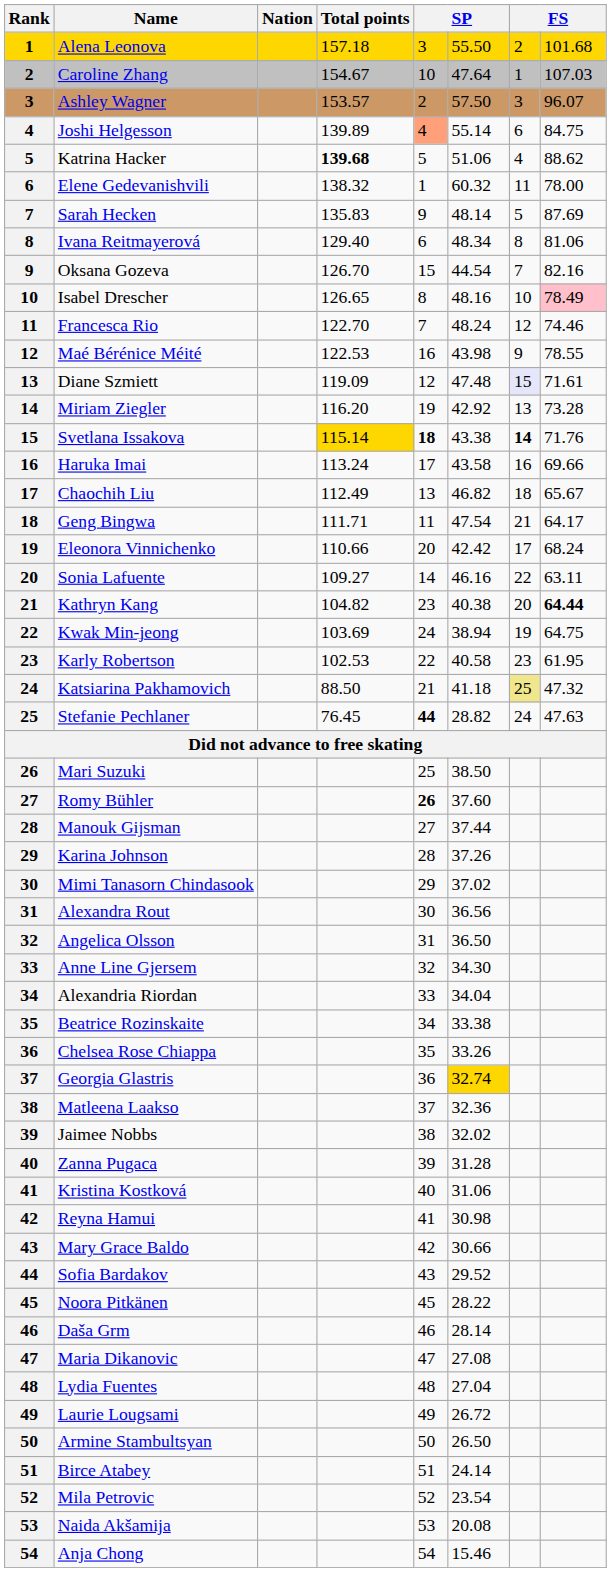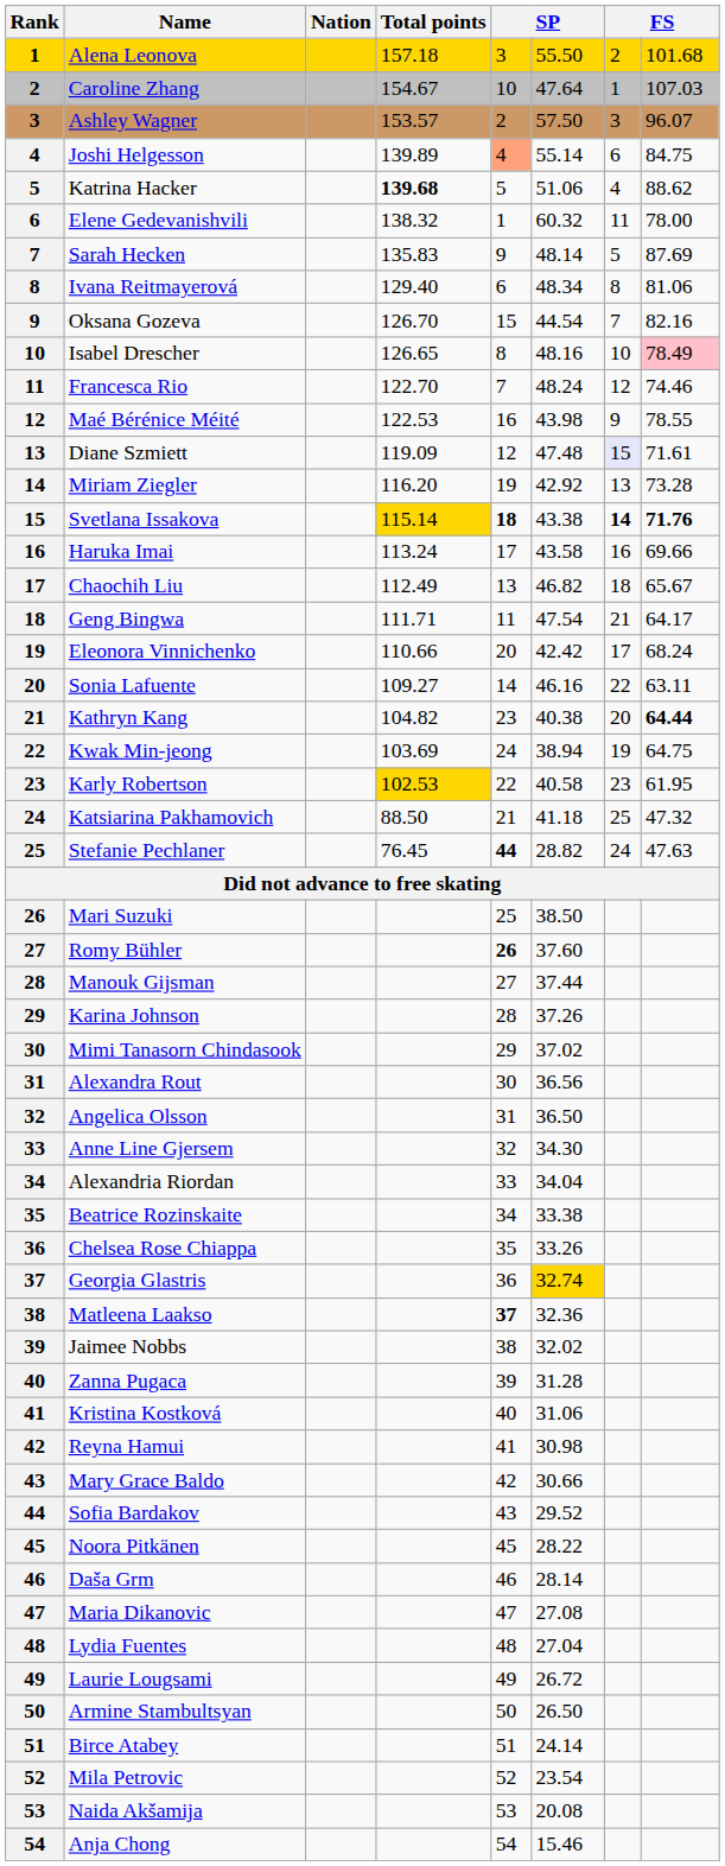 <table class="wikitable">
 <tr>
 <th>Rank</th>
 <th>Name</th>
 <th>Nation</th>
 <th>Total points</th>
 <th colspan="2" width="80px"><a href='#'>SP</a></th>
 <th colspan="2" width="80px"><a href='#'>FS</a></th>
 </tr>
 <tr bgcolor=gold>
 <td align=center><strong>1</strong></td>
 <td><a href='#'>Alena Leonova</a></td>
 <td></td>
 <td>157.18</td>
 <td>3</td>
 <td>55.50</td>
 <td>2</td>
 <td>101.68</td>
 </tr>
 <tr bgcolor=silver>
 <td align=center><strong>2</strong></td>
 <td><a href='#'>Caroline Zhang</a></td>
 <td></td>
 <td>154.67</td>
 <td>10</td>
 <td>47.64</td>
 <td>1</td>
 <td>107.03</td>
 </tr>
 <tr bgcolor=cc9966>
 <td align=center><strong>3</strong></td>
 <td><a href='#'>Ashley Wagner</a></td>
 <td></td>
 <td>153.57</td>
 <td>2</td>
 <td>57.50</td>
 <td>3</td>
 <td>96.07</td>
 </tr>
 <tr>
 <th>4</th>
 <td><a href='#'>Joshi Helgesson</a></td>
 <td></td>
 <td>139.89</td>
 <td style="background: lightsalmon;">4</td>
 <td>55.14</td>
 <td>6</td>
 <td>84.75</td>
 </tr>
 <tr>
 <th>5</th>
 <td>Katrina Hacker</td>
 <td></td>
 <td><strong>139.68</strong></td>
 <td>5</td>
 <td>51.06</td>
 <td>4</td>
 <td>88.62</td>
 </tr>
 <tr>
 <th>6</th>
 <td><a href='#'>Elene Gedevanishvili</a></td>
 <td></td>
 <td>138.32</td>
 <td>1</td>
 <td>60.32</td>
 <td>11</td>
 <td>78.00</td>
 </tr>
 <tr>
 <th>7</th>
 <td><a href='#'>Sarah Hecken</a></td>
 <td></td>
 <td>135.83</td>
 <td>9</td>
 <td>48.14</td>
 <td>5</td>
 <td>87.69</td>
 </tr>
 <tr>
 <th>8</th>
 <td><a href='#'>Ivana Reitmayerová</a></td>
 <td></td>
 <td>129.40</td>
 <td>6</td>
 <td>48.34</td>
 <td>8</td>
 <td>81.06</td>
 </tr>
 <tr>
 <th>9</th>
 <td>Oksana Gozeva</td>
 <td></td>
 <td>126.70</td>
 <td>15</td>
 <td>44.54</td>
 <td>7</td>
 <td>82.16</td>
 </tr>
 <tr>
 <th>10</th>
 <td>Isabel Drescher</td>
 <td></td>
 <td>126.65</td>
 <td>8</td>
 <td>48.16</td>
 <td>10</td>
 <td style="background: pink;">78.49</td>
 </tr>
 <tr>
 <th>11</th>
 <td><a href='#'>Francesca Rio</a></td>
 <td></td>
 <td>122.70</td>
 <td>7</td>
 <td>48.24</td>
 <td>12</td>
 <td>74.46</td>
 </tr>
 <tr>
 <th>12</th>
 <td><a href='#'>Maé Bérénice Méité</a></td>
 <td></td>
 <td>122.53</td>
 <td>16</td>
 <td>43.98</td>
 <td>9</td>
 <td>78.55</td>
 </tr>
 <tr>
 <th>13</th>
 <td>Diane Szmiett</td>
 <td></td>
 <td>119.09</td>
 <td>12</td>
 <td>47.48</td>
 <td style="background: lavender;">15</td>
 <td>71.61</td>
 </tr>
 <tr>
 <th>14</th>
 <td><a href='#'>Miriam Ziegler</a></td>
 <td></td>
 <td>116.20</td>
 <td>19</td>
 <td>42.92</td>
 <td>13</td>
 <td>73.28</td>
 </tr>
 <tr>
 <th>15</th>
 <td><a href='#'>Svetlana Issakova</a></td>
 <td></td>
 <td style="background: gold;">115.14</td>
 <td><strong>18</strong></td>
 <td>43.38</td>
 <td><strong>14</strong></td>
-<td>71.76</td>
+<td><strong>71.76</strong></td>
 </tr>
 <tr>
 <th>16</th>
 <td><a href='#'>Haruka Imai</a></td>
 <td></td>
 <td>113.24</td>
 <td>17</td>
 <td>43.58</td>
 <td>16</td>
 <td>69.66</td>
 </tr>
 <tr>
 <th>17</th>
 <td><a href='#'>Chaochih Liu</a></td>
 <td></td>
 <td>112.49</td>
 <td>13</td>
 <td>46.82</td>
 <td>18</td>
 <td>65.67</td>
 </tr>
 <tr>
 <th>18</th>
 <td><a href='#'>Geng Bingwa</a></td>
 <td></td>
 <td>111.71</td>
 <td>11</td>
 <td>47.54</td>
 <td>21</td>
 <td>64.17</td>
 </tr>
 <tr>
 <th>19</th>
 <td><a href='#'>Eleonora Vinnichenko</a></td>
 <td></td>
 <td>110.66</td>
 <td>20</td>
 <td>42.42</td>
 <td>17</td>
 <td>68.24</td>
 </tr>
 <tr>
 <th>20</th>
 <td><a href='#'>Sonia Lafuente</a></td>
 <td></td>
 <td>109.27</td>
 <td>14</td>
 <td>46.16</td>
 <td>22</td>
 <td>63.11</td>
 </tr>
 <tr>
 <th>21</th>
 <td><a href='#'>Kathryn Kang</a></td>
 <td></td>
 <td>104.82</td>
 <td>23</td>
 <td>40.38</td>
 <td>20</td>
 <td><strong>64.44</strong></td>
 </tr>
 <tr>
 <th>22</th>
 <td><a href='#'>Kwak Min-jeong</a></td>
 <td></td>
 <td>103.69</td>
 <td>24</td>
 <td>38.94</td>
 <td>19</td>
 <td>64.75</td>
 </tr>
 <tr>
 <th>23</th>
 <td><a href='#'>Karly Robertson</a></td>
 <td></td>
-<td>102.53</td>
+<td style="background: gold;">102.53</td>
 <td>22</td>
 <td>40.58</td>
 <td>23</td>
 <td>61.95</td>
 </tr>
 <tr>
 <th>24</th>
 <td><a href='#'>Katsiarina Pakhamovich</a></td>
 <td></td>
 <td>88.50</td>
 <td>21</td>
 <td>41.18</td>
-<td style="background: khaki;">25</td>
+<td>25</td>
 <td>47.32</td>
 </tr>
 <tr>
 <th>25</th>
 <td><a href='#'>Stefanie Pechlaner</a></td>
 <td></td>
 <td>76.45</td>
 <td><strong>44</strong></td>
 <td>28.82</td>
 <td>24</td>
 <td>47.63</td>
 </tr>
 <tr>
 <th colspan=8>Did not advance to free skating</th>
 </tr>
 <tr>
 <th>26</th>
 <td><a href='#'>Mari Suzuki</a></td>
 <td></td>
 <td></td>
 <td>25</td>
 <td>38.50</td>
 <td></td>
 <td></td>
 </tr>
 <tr>
 <th>27</th>
 <td><a href='#'>Romy Bühler</a></td>
 <td></td>
 <td></td>
 <td><strong>26</strong></td>
 <td>37.60</td>
 <td></td>
 <td></td>
 </tr>
 <tr>
 <th>28</th>
 <td><a href='#'>Manouk Gijsman</a></td>
 <td></td>
 <td></td>
 <td>27</td>
 <td>37.44</td>
 <td></td>
 <td></td>
 </tr>
 <tr>
 <th>29</th>
 <td><a href='#'>Karina Johnson</a></td>
 <td></td>
 <td></td>
 <td>28</td>
 <td>37.26</td>
 <td></td>
 <td></td>
 </tr>
 <tr>
 <th>30</th>
 <td><a href='#'>Mimi Tanasorn Chindasook</a></td>
 <td></td>
 <td></td>
 <td>29</td>
 <td>37.02</td>
 <td></td>
 <td></td>
 </tr>
 <tr>
 <th>31</th>
 <td><a href='#'>Alexandra Rout</a></td>
 <td></td>
 <td></td>
 <td>30</td>
 <td>36.56</td>
 <td></td>
 <td></td>
 </tr>
 <tr>
 <th>32</th>
 <td><a href='#'>Angelica Olsson</a></td>
 <td></td>
 <td></td>
 <td>31</td>
 <td>36.50</td>
 <td></td>
 <td></td>
 </tr>
 <tr>
 <th>33</th>
 <td><a href='#'>Anne Line Gjersem</a></td>
 <td></td>
 <td></td>
 <td>32</td>
 <td>34.30</td>
 <td></td>
 <td></td>
 </tr>
 <tr>
 <th>34</th>
 <td>Alexandria Riordan</td>
 <td></td>
 <td></td>
 <td>33</td>
 <td>34.04</td>
 <td></td>
 <td></td>
 </tr>
 <tr>
 <th>35</th>
 <td><a href='#'>Beatrice Rozinskaite</a></td>
 <td></td>
 <td></td>
 <td>34</td>
 <td>33.38</td>
 <td></td>
 <td></td>
 </tr>
 <tr>
 <th>36</th>
 <td><a href='#'>Chelsea Rose Chiappa</a></td>
 <td></td>
 <td></td>
 <td>35</td>
 <td>33.26</td>
 <td></td>
 <td></td>
 </tr>
 <tr>
 <th>37</th>
 <td><a href='#'>Georgia Glastris</a></td>
 <td></td>
 <td></td>
 <td>36</td>
 <td style="background: gold;">32.74</td>
 <td></td>
 <td></td>
 </tr>
 <tr>
 <th>38</th>
 <td><a href='#'>Matleena Laakso</a></td>
 <td></td>
 <td></td>
-<td>37</td>
+<td><strong>37</strong></td>
 <td>32.36</td>
 <td></td>
 <td></td>
 </tr>
 <tr>
 <th>39</th>
 <td>Jaimee Nobbs</td>
 <td></td>
 <td></td>
 <td>38</td>
 <td>32.02</td>
 <td></td>
 <td></td>
 </tr>
 <tr>
 <th>40</th>
 <td><a href='#'>Zanna Pugaca</a></td>
 <td></td>
 <td></td>
 <td>39</td>
 <td>31.28</td>
 <td></td>
 <td></td>
 </tr>
 <tr>
 <th>41</th>
 <td><a href='#'>Kristina Kostková</a></td>
 <td></td>
 <td></td>
 <td>40</td>
 <td>31.06</td>
 <td></td>
 <td></td>
 </tr>
 <tr>
 <th>42</th>
 <td><a href='#'>Reyna Hamui</a></td>
 <td></td>
 <td></td>
 <td>41</td>
 <td>30.98</td>
 <td></td>
 <td></td>
 </tr>
 <tr>
 <th>43</th>
 <td><a href='#'>Mary Grace Baldo</a></td>
 <td></td>
 <td></td>
 <td>42</td>
 <td>30.66</td>
 <td></td>
 <td></td>
 </tr>
 <tr>
 <th>44</th>
 <td><a href='#'>Sofia Bardakov</a></td>
 <td></td>
 <td></td>
 <td>43</td>
 <td>29.52</td>
 <td></td>
 <td></td>
 </tr>
 <tr>
 <th>45</th>
 <td><a href='#'>Noora Pitkänen</a></td>
 <td></td>
 <td></td>
 <td>45</td>
 <td>28.22</td>
 <td></td>
 <td></td>
 </tr>
 <tr>
 <th>46</th>
 <td><a href='#'>Daša Grm</a></td>
 <td></td>
 <td></td>
 <td>46</td>
 <td>28.14</td>
 <td></td>
 <td></td>
 </tr>
 <tr>
 <th>47</th>
 <td><a href='#'>Maria Dikanovic</a></td>
 <td></td>
 <td></td>
 <td>47</td>
 <td>27.08</td>
 <td></td>
 <td></td>
 </tr>
 <tr>
 <th>48</th>
 <td><a href='#'>Lydia Fuentes</a></td>
 <td></td>
 <td></td>
 <td>48</td>
 <td>27.04</td>
 <td></td>
 <td></td>
 </tr>
 <tr>
 <th>49</th>
 <td><a href='#'>Laurie Lougsami</a></td>
 <td></td>
 <td></td>
 <td>49</td>
 <td>26.72</td>
 <td></td>
 <td></td>
 </tr>
 <tr>
 <th>50</th>
 <td><a href='#'>Armine Stambultsyan</a></td>
 <td></td>
 <td></td>
 <td>50</td>
 <td>26.50</td>
 <td></td>
 <td></td>
 </tr>
 <tr>
 <th>51</th>
 <td><a href='#'>Birce Atabey</a></td>
 <td></td>
 <td></td>
 <td>51</td>
 <td>24.14</td>
 <td></td>
 <td></td>
 </tr>
 <tr>
 <th>52</th>
 <td><a href='#'>Mila Petrovic</a></td>
 <td></td>
 <td></td>
 <td>52</td>
 <td>23.54</td>
 <td></td>
 <td></td>
 </tr>
 <tr>
 <th>53</th>
 <td><a href='#'>Naida Akšamija</a></td>
 <td></td>
 <td></td>
 <td>53</td>
 <td>20.08</td>
 <td></td>
 <td></td>
 </tr>
 <tr>
 <th>54</th>
 <td><a href='#'>Anja Chong</a></td>
 <td></td>
 <td></td>
 <td>54</td>
 <td>15.46</td>
 <td></td>
 <td></td>
 </tr>
 </table>
